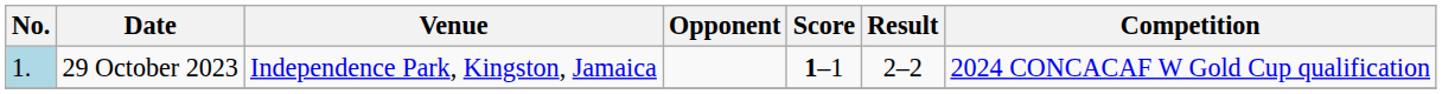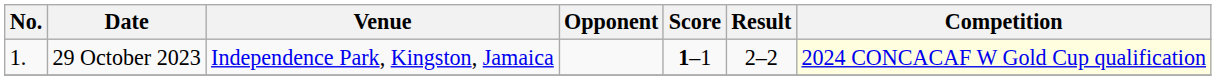 <table class="wikitable">
 <tr>
 <th>No.</th>
 <th>Date</th>
 <th>Venue</th>
 <th>Opponent</th>
 <th>Score</th>
 <th>Result</th>
 <th>Competition</th>
 </tr>
 <tr>
-<td style="background: lightblue;">1.</td>
+<td>1.</td>
 <td>29 October 2023</td>
 <td><a href='#'>Independence Park</a>, <a href='#'>Kingston</a>, <a href='#'>Jamaica</a></td>
 <td></td>
 <td align=center><strong>1</strong>–1</td>
 <td align=center>2–2</td>
-<td><a href='#'>2024 CONCACAF W Gold Cup qualification</a></td>
+<td style="background: lightyellow;"><a href='#'>2024 CONCACAF W Gold Cup qualification</a></td>
 </tr>
 <tr>
 </tr>
 </table>
